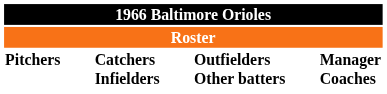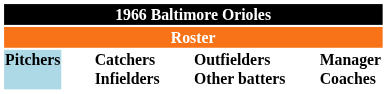 <table class="toccolours" style="font-size: 95%;">
 <tr>
 <th colspan="10" style="background-color: black; color: white; text-align: center;">1966 Baltimore Orioles</th>
 </tr>
 <tr>
 <td colspan="10" style="background-color: #F87217; color: white; text-align: center;"><strong>Roster</strong></td>
 </tr>
 <tr>
-<td valign="top"><strong>Pitchers</strong><br>              </td>
+<td valign="top" style="background: lightblue;"><strong>Pitchers</strong><br>              </td>
 <td width="25px"></td>
 <td valign="top"><strong>Catchers</strong><br>    <strong>Infielders</strong>        </td>
 <td width="25px"></td>
 <td valign="top"><strong>Outfielders</strong><br>      <strong>Other batters</strong> </td>
 <td width="25px"></td>
 <td valign="top"><strong>Manager</strong><br> <strong>Coaches</strong>    </td>
 </tr>
 <tr>
 </tr>
 </table>
